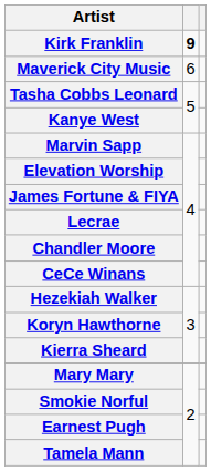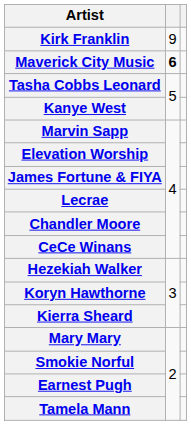 <table class="wikitable sortable plainrowheaders" style="text-align:center;" border="1";">
 <tr>
 <th scope=col>Artist</th>
 <th scope=col></th>
 <th scope=col class="unsortable"></th>
 </tr>
 <tr>
 <th scope=row><a href='#'>Kirk Franklin</a></th>
-<td><strong>9</strong></td>
+<td>9</td>
 <td></td>
 </tr>
 <tr>
 <th scope=row><a href='#'>Maverick City Music</a></th>
-<td>6</td>
+<td><strong>6</strong></td>
 <td></td>
 </tr>
 <tr>
 <th scope=row><a href='#'>Tasha Cobbs Leonard</a></th>
 <td rowspan="2">5</td>
 <td></td>
 </tr>
 <tr>
 <th scope=row><a href='#'>Kanye West</a></th>
 <td></td>
 </tr>
 <tr>
 <th scope=row><a href='#'>Marvin Sapp</a></th>
 <td rowspan="6">4</td>
 <td></td>
 </tr>
 <tr>
 <th scope=row><a href='#'>Elevation Worship</a></th>
 <td></td>
 </tr>
 <tr>
 <th scope=row><a href='#'>James Fortune & FIYA</a></th>
 <td></td>
 </tr>
 <tr>
 <th scope=row><a href='#'>Lecrae</a></th>
 <td></td>
 </tr>
 <tr>
 <th scope=row><a href='#'>Chandler Moore</a></th>
 <td></td>
 </tr>
 <tr>
 <th scope=row><a href='#'>CeCe Winans</a></th>
 <td></td>
 </tr>
 <tr>
 <th scope=row><a href='#'>Hezekiah Walker</a></th>
 <td rowspan="3">3</td>
 <td></td>
 </tr>
 <tr>
 <th scope=row><a href='#'>Koryn Hawthorne</a></th>
 <td></td>
 </tr>
 <tr>
 <th scope=row><a href='#'>Kierra Sheard</a></th>
 <td></td>
 </tr>
 <tr>
 <th scope=row><a href='#'>Mary Mary</a></th>
 <td rowspan="4">2</td>
 <td></td>
 </tr>
 <tr>
 <th scope=row><a href='#'>Smokie Norful</a></th>
 <td></td>
 </tr>
 <tr>
 <th scope=row><a href='#'>Earnest Pugh</a></th>
 <td></td>
 </tr>
 <tr>
 <th scope=row><a href='#'>Tamela Mann</a></th>
 <td></td>
 </tr>
 </table>
